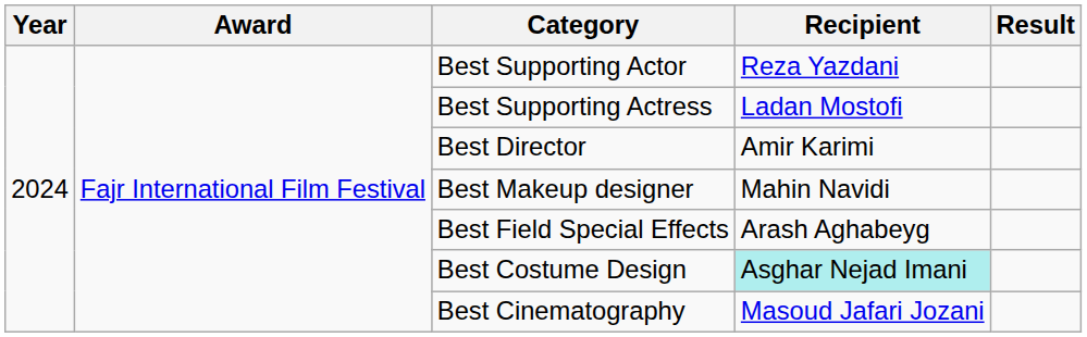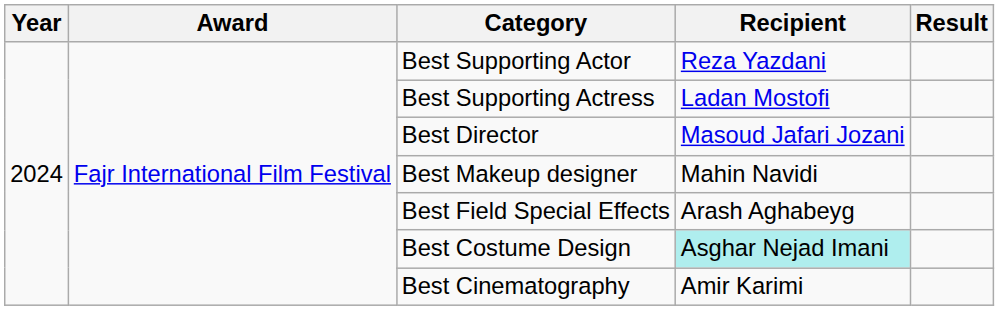 <table class="wikitable sortable">
 <tr>
 <th>Year</th>
 <th>Award</th>
 <th>Category</th>
 <th>Recipient</th>
 <th>Result</th>
 </tr>
 <tr>
 <td rowspan="7">2024</td>
 <td rowspan="7"><a href='#'>Fajr International Film Festival</a></td>
 <td>Best Supporting Actor</td>
 <td><a href='#'>Reza Yazdani</a></td>
 <td></td>
 </tr>
 <tr>
 <td>Best Supporting Actress</td>
 <td><a href='#'>Ladan Mostofi</a></td>
 <td></td>
 </tr>
 <tr>
 <td>Best Director</td>
-<td>Amir Karimi</td>
+<td><a href='#'>Masoud Jafari Jozani</a></td>
 <td></td>
 </tr>
 <tr>
 <td>Best Makeup designer</td>
 <td>Mahin Navidi</td>
 <td></td>
 </tr>
 <tr>
 <td>Best Field Special Effects</td>
 <td>Arash Aghabeyg</td>
 <td></td>
 </tr>
 <tr>
 <td>Best Costume Design</td>
 <td style="background: paleturquoise;">Asghar Nejad Imani</td>
 <td></td>
 </tr>
 <tr>
 <td>Best Cinematography</td>
-<td><a href='#'>Masoud Jafari Jozani</a></td>
+<td>Amir Karimi</td>
 <td></td>
 </tr>
 </table>
